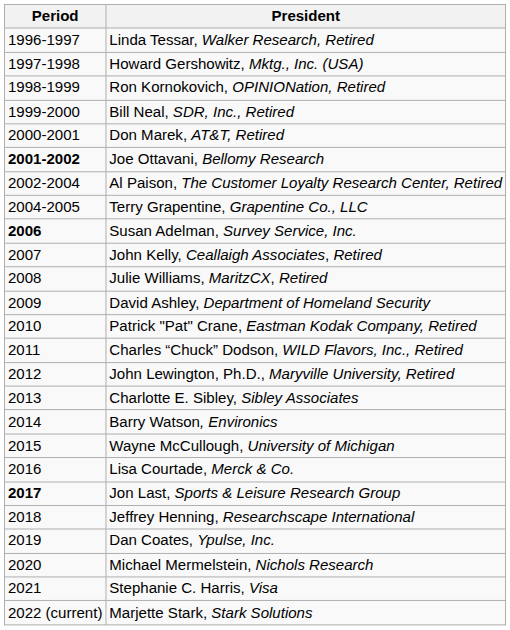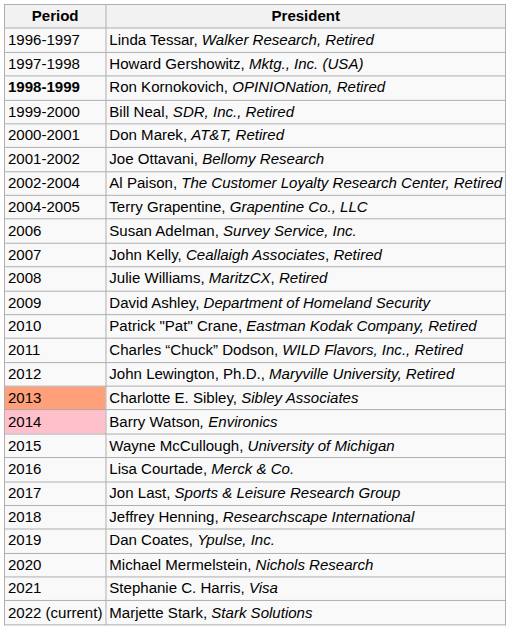 <table class="wikitable">
 <tr>
 <th>Period</th>
 <th>President</th>
 </tr>
 <tr>
 <td>1996-1997</td>
 <td>Linda Tessar, <em>Walker Research, Retired</em></td>
 </tr>
 <tr>
 <td>1997-1998</td>
 <td>Howard Gershowitz, <em>Mktg., Inc. (USA)</em></td>
 </tr>
 <tr>
-<td>1998-1999</td>
+<td><strong>1998-1999</strong></td>
 <td>Ron Kornokovich, <em>OPINIONation, Retired</em></td>
 </tr>
 <tr>
 <td>1999-2000</td>
 <td>Bill Neal, <em>SDR, Inc., Retired</em></td>
 </tr>
 <tr>
 <td>2000-2001</td>
 <td>Don Marek, <em>AT&T, Retired</em></td>
 </tr>
 <tr>
-<td><strong>2001-2002</strong></td>
+<td>2001-2002</td>
 <td>Joe Ottavani, <em>Bellomy Research</em></td>
 </tr>
 <tr>
 <td>2002-2004</td>
 <td>Al Paison, <em>The Customer Loyalty Research Center, Retired</em></td>
 </tr>
 <tr>
 <td>2004-2005</td>
 <td>Terry Grapentine, <em>Grapentine Co., LLC</em></td>
 </tr>
 <tr>
-<td><strong>2006</strong></td>
+<td>2006</td>
 <td>Susan Adelman, <em>Survey Service, Inc.</em></td>
 </tr>
 <tr>
 <td>2007</td>
 <td>John Kelly, <em>Ceallaigh Associates</em>, <em>Retired</em></td>
 </tr>
 <tr>
 <td>2008</td>
 <td>Julie Williams, <em>MaritzCX</em>, <em>Retired</em></td>
 </tr>
 <tr>
 <td>2009</td>
 <td>David Ashley, <em>Department of Homeland Security</em></td>
 </tr>
 <tr>
 <td>2010</td>
 <td>Patrick "Pat" Crane, <em>Eastman Kodak Company, Retired</em></td>
 </tr>
 <tr>
 <td>2011</td>
 <td>Charles “Chuck” Dodson, <em>WILD Flavors, Inc., Retired</em></td>
 </tr>
 <tr>
 <td>2012</td>
 <td>John Lewington, Ph.D., <em>Maryville University, Retired</em></td>
 </tr>
 <tr>
-<td>2013</td>
+<td style="background: lightsalmon;">2013</td>
 <td>Charlotte E. Sibley, <em>Sibley Associates</em></td>
 </tr>
 <tr>
-<td>2014</td>
+<td style="background: pink;">2014</td>
 <td>Barry Watson<em>, Environics</em></td>
 </tr>
 <tr>
 <td>2015</td>
 <td>Wayne McCullough, <em>University of Michigan</em></td>
 </tr>
 <tr>
 <td>2016</td>
 <td>Lisa Courtade, <em>Merck & Co.</em></td>
 </tr>
 <tr>
-<td><strong>2017</strong></td>
+<td>2017</td>
 <td>Jon Last, <em>Sports & Leisure Research Group</em></td>
 </tr>
 <tr>
 <td>2018</td>
 <td>Jeffrey Henning, <em>Researchscape International</em></td>
 </tr>
 <tr>
 <td>2019</td>
 <td>Dan Coates, <em>Ypulse, Inc.</em></td>
 </tr>
 <tr>
 <td>2020</td>
 <td>Michael Mermelstein, <em>Nichols Research</em></td>
 </tr>
 <tr>
 <td>2021</td>
 <td>Stephanie C. Harris, <em>Visa</em></td>
 </tr>
 <tr>
 <td>2022 (current)</td>
 <td>Marjette Stark, <em>Stark Solutions</em></td>
 </tr>
 </table>
